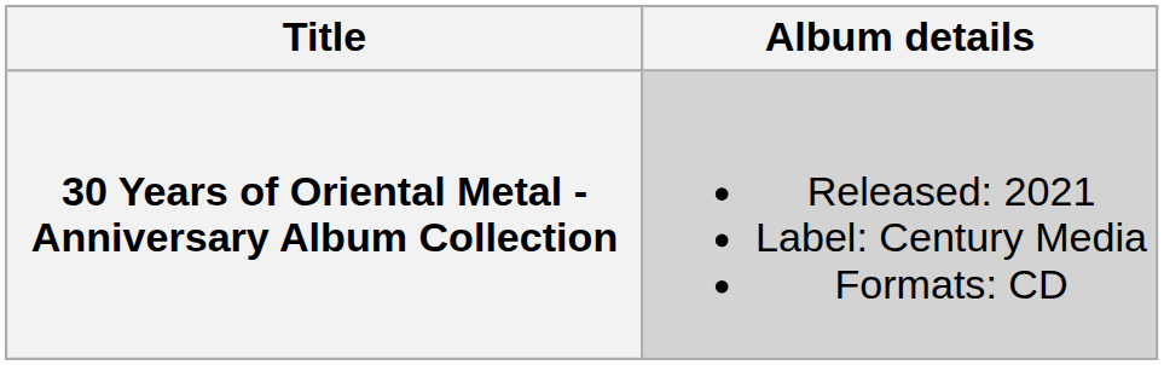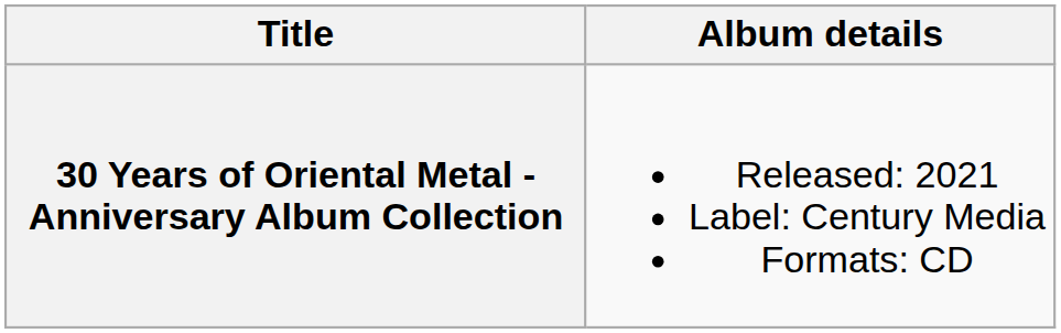 <table class="wikitable plainrowheaders" style="text-align:center;">
 <tr>
 <th scope="col" style="width:15em;">Title</th>
 <th scope="col">Album details</th>
 </tr>
 <tr>
 <th scope="row">30 Years of Oriental Metal - Anniversary Album Collection</th>
-<td style="background: lightgrey;"><br><ul><li>Released: 2021</li><li>Label: Century Media</li><li>Formats: CD</li></ul></td>
+<td><br><ul><li>Released: 2021</li><li>Label: Century Media</li><li>Formats: CD</li></ul></td>
 </tr>
 </table>
